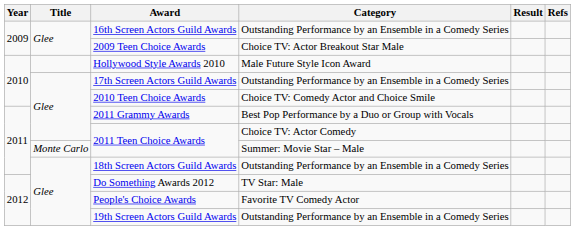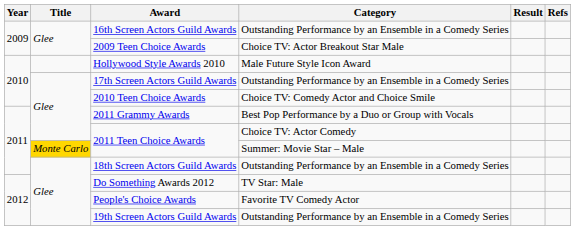 <table class="wikitable sortable">
 <tr>
 <th>Year</th>
 <th>Title</th>
 <th>Award</th>
 <th>Category</th>
 <th>Result</th>
 <th class="unsortable">Refs</th>
 </tr>
 <tr>
 <td rowspan="2">2009</td>
 <td rowspan="2"><em>Glee</em></td>
 <td><a href='#'>16th Screen Actors Guild Awards</a></td>
 <td>Outstanding Performance by an Ensemble in a Comedy Series</td>
 <td></td>
 <td></td>
 </tr>
 <tr>
 <td><a href='#'>2009 Teen Choice Awards</a></td>
 <td>Choice TV: Actor Breakout Star Male</td>
 <td></td>
 <td></td>
 </tr>
 <tr>
 <td rowspan="3">2010</td>
 <td></td>
 <td><a href='#'>Hollywood Style Awards</a> 2010</td>
 <td>Male Future Style Icon Award</td>
 <td></td>
 <td></td>
 </tr>
 <tr>
 <td rowspan="4"><em>Glee</em></td>
 <td><a href='#'>17th Screen Actors Guild Awards</a></td>
 <td>Outstanding Performance by an Ensemble in a Comedy Series</td>
 <td></td>
 <td></td>
 </tr>
 <tr>
 <td><a href='#'>2010 Teen Choice Awards</a></td>
 <td>Choice TV: Comedy Actor and Choice Smile</td>
 <td></td>
 <td></td>
 </tr>
 <tr>
 <td rowspan="4">2011</td>
 <td><a href='#'>2011 Grammy Awards</a></td>
 <td>Best Pop Performance by a Duo or Group with Vocals</td>
 <td></td>
 <td></td>
 </tr>
 <tr>
 <td rowspan="2"><a href='#'>2011 Teen Choice Awards</a></td>
 <td>Choice TV: Actor Comedy</td>
 <td></td>
 <td></td>
 </tr>
 <tr>
-<td><em>Monte Carlo</em></td>
+<td style="background: gold;"><em>Monte Carlo</em></td>
 <td>Summer: Movie Star – Male</td>
 <td></td>
 <td></td>
 </tr>
 <tr>
 <td rowspan="4"><em>Glee</em></td>
 <td><a href='#'>18th Screen Actors Guild Awards</a></td>
 <td>Outstanding Performance by an Ensemble in a Comedy Series</td>
 <td></td>
 <td></td>
 </tr>
 <tr>
 <td rowspan="3">2012</td>
 <td><a href='#'>Do Something</a> Awards 2012</td>
 <td>TV Star: Male</td>
 <td></td>
 <td></td>
 </tr>
 <tr>
 <td><a href='#'>People's Choice Awards</a></td>
 <td>Favorite TV Comedy Actor</td>
 <td></td>
 <td></td>
 </tr>
 <tr>
 <td><a href='#'>19th Screen Actors Guild Awards</a></td>
 <td>Outstanding Performance by an Ensemble in a Comedy Series</td>
 <td></td>
 <td></td>
 </tr>
 </table>
